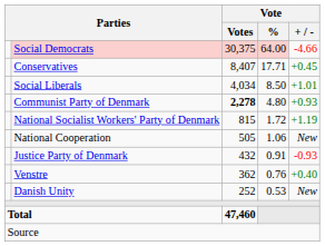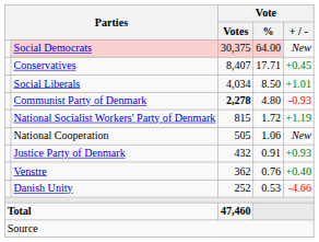 <table class="wikitable" style="text-align:right;">
 <tr>
 <th style="text-align:centre;" rowspan="2" colspan="2" width="225">Parties</th>
 <th colspan="3">Vote</th>
 </tr>
 <tr>
 <th width="15">Votes</th>
 <th width="15">%</th>
 <th width="15">+ / -</th>
 </tr>
 <tr>
 <td width="2" style="color:inherit;background:"></td>
 <td bgcolor=#fbd0ce  align="left"><a href='#'>Social Democrats</a></td>
 <td bgcolor=#fbd0ce>30,375</td>
 <td bgcolor=#fbd0ce>64.00</td>
-<td style=color:red;>-4.66</td>
+<td><em>New</em></td>
 </tr>
 <tr>
 <td width="2" style="color:inherit;background:"></td>
 <td align="left"><a href='#'>Conservatives</a></td>
 <td>8,407</td>
 <td>17.71</td>
 <td style=color:green;>+0.45</td>
 </tr>
 <tr>
 <td width="2" style="color:inherit;background:"></td>
 <td align="left"><a href='#'>Social Liberals</a></td>
 <td>4,034</td>
 <td>8.50</td>
 <td style=color:green;>+1.01</td>
 </tr>
 <tr>
 <td width="2" style="color:inherit;background:"></td>
 <td align="left"><a href='#'>Communist Party of Denmark</a></td>
 <td><strong>2,278</strong></td>
 <td>4.80</td>
-<td style=color:green;>+0.93</td>
+<td style=color:red;>-0.93</td>
 </tr>
 <tr>
 <td width="2" style="color:inherit;background:"></td>
 <td align="left"><a href='#'>National Socialist Workers' Party of Denmark</a></td>
 <td>815</td>
 <td>1.72</td>
 <td style=color:green;>+1.19</td>
 </tr>
 <tr>
 <td width="2" style="color:inherit;background:"></td>
 <td align="left">National Cooperation</td>
 <td>505</td>
 <td>1.06</td>
 <td><em>New</em></td>
 </tr>
 <tr>
 <td width="2" style="color:inherit;background:"></td>
 <td align="left"><a href='#'>Justice Party of Denmark</a></td>
 <td>432</td>
 <td>0.91</td>
-<td style=color:red;>-0.93</td>
+<td style=color:green;>+0.93</td>
 </tr>
 <tr>
 <td width="2" style="color:inherit;background:"></td>
 <td align="left"><a href='#'>Venstre</a></td>
 <td>362</td>
 <td>0.76</td>
 <td style=color:green;>+0.40</td>
 </tr>
 <tr>
 <td width="2" style="color:inherit;background:"></td>
 <td align="left"><a href='#'>Danish Unity</a></td>
 <td>252</td>
 <td>0.53</td>
-<td><em>New</em></td>
+<td style=color:red;>-4.66</td>
 </tr>
 <tr>
 <td colspan="7" bgcolor="#E9E9E9"></td>
 </tr>
 <tr>
 <td align="left" colspan="2"><strong>Total</strong></td>
 <td><strong>47,460</strong></td>
 <td bgcolor="#E9E9E9" colspan="2"></td>
 </tr>
 <tr>
 <td align="left" colspan="6">Source</td>
 </tr>
 </table>
